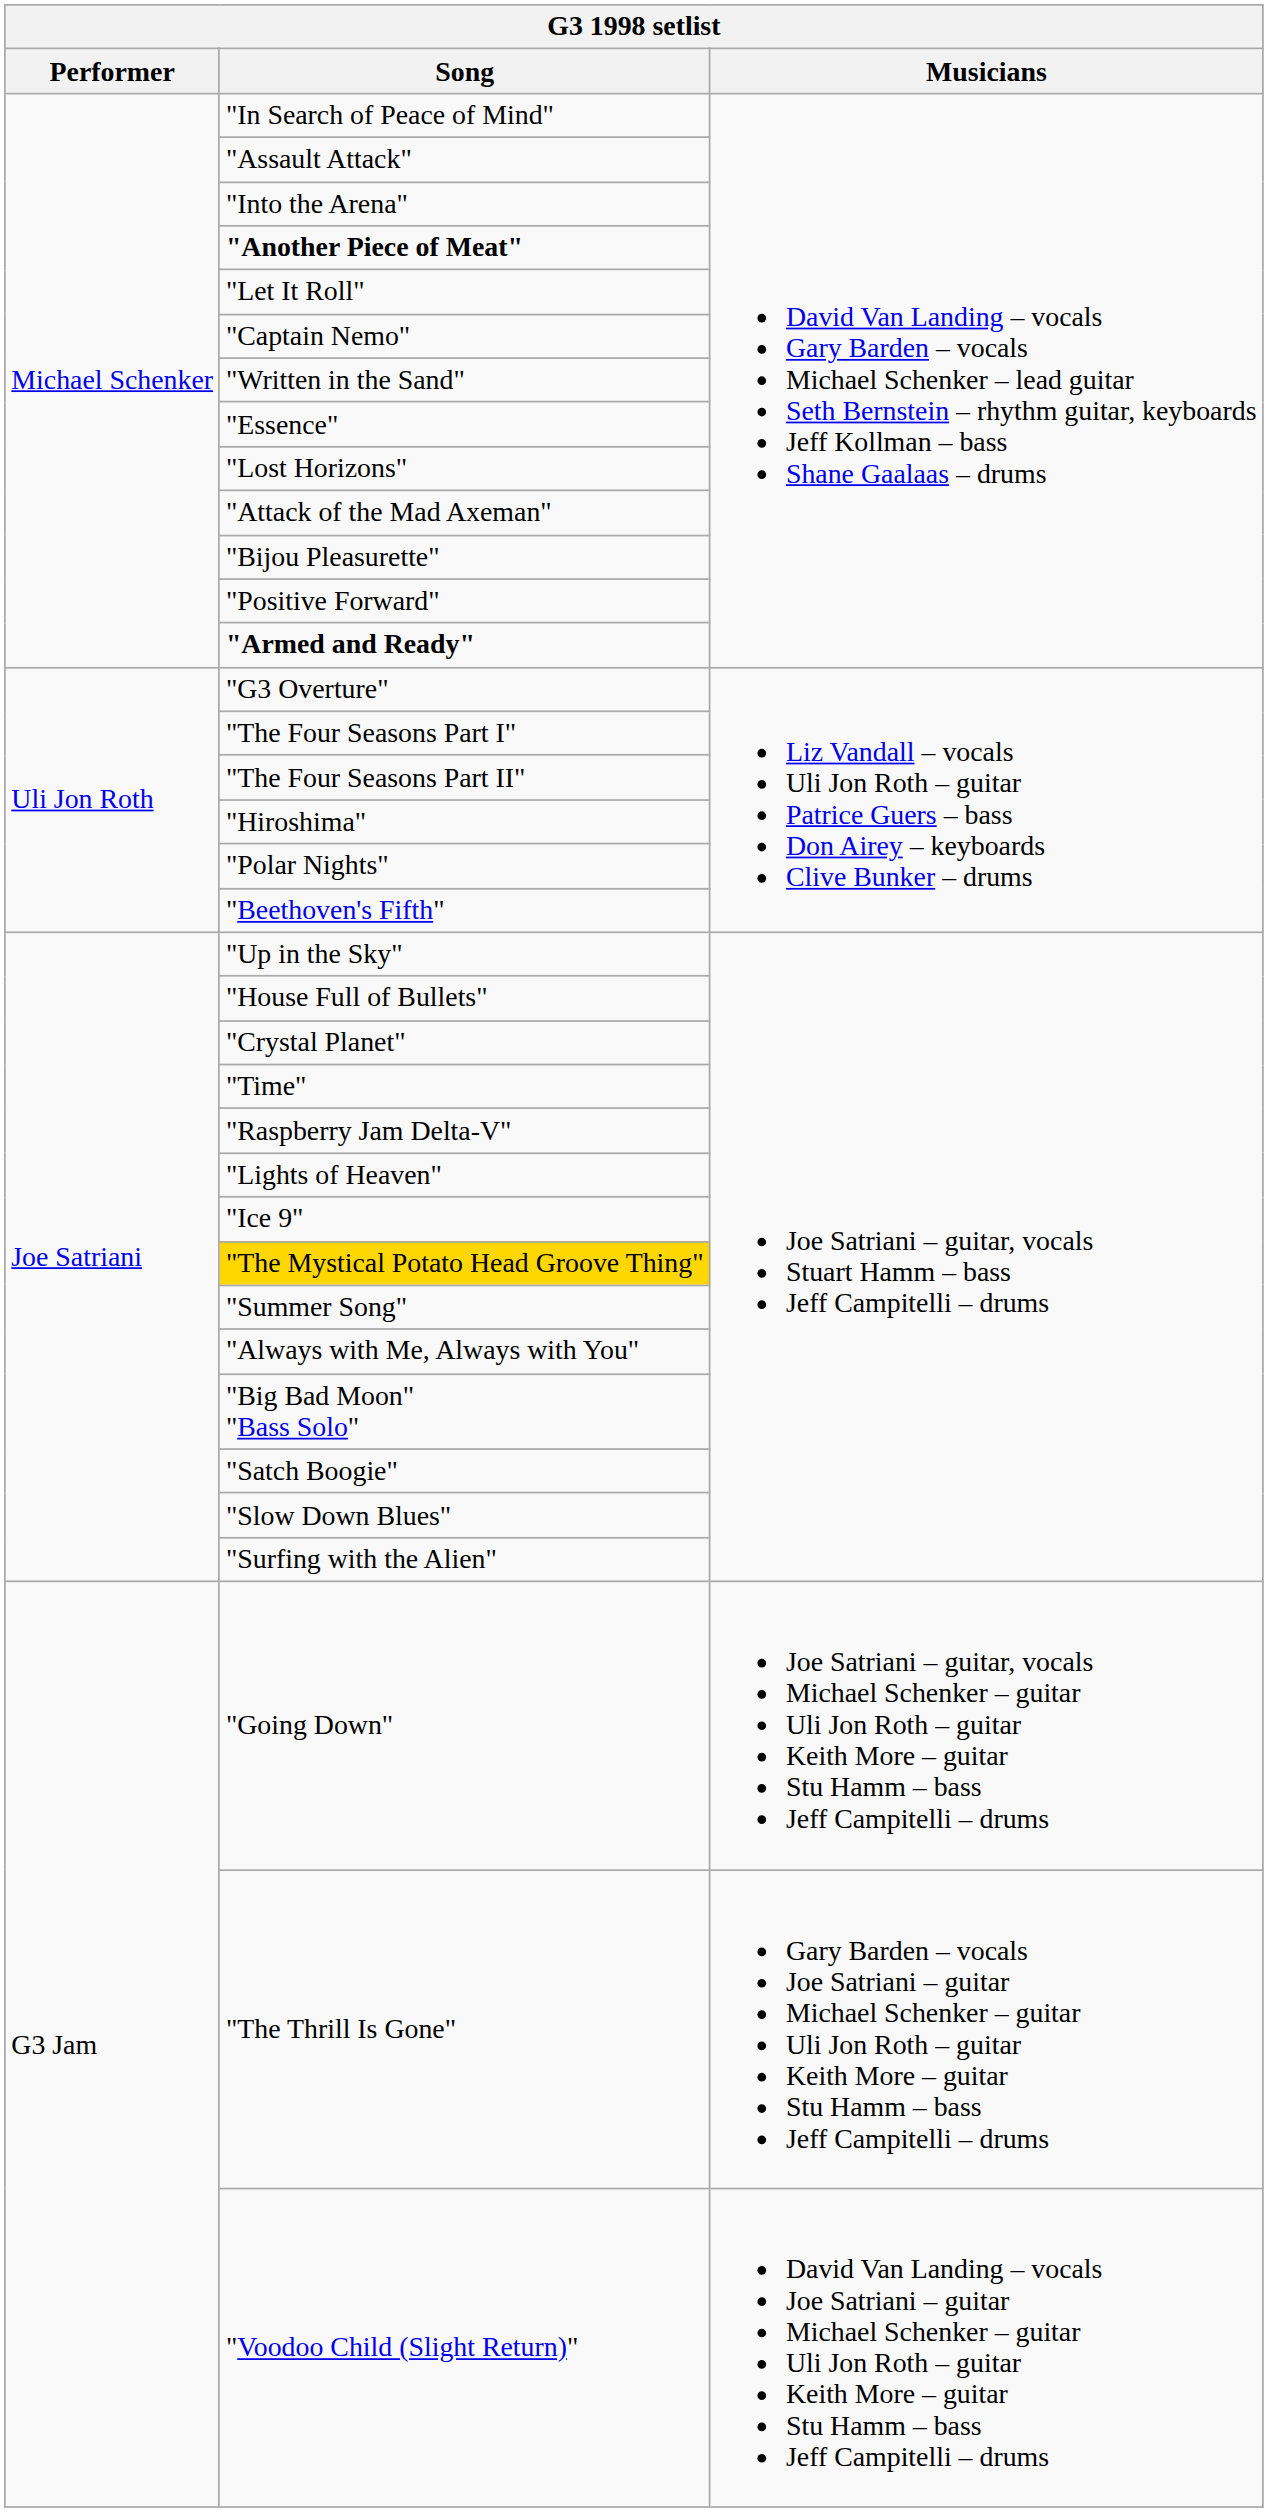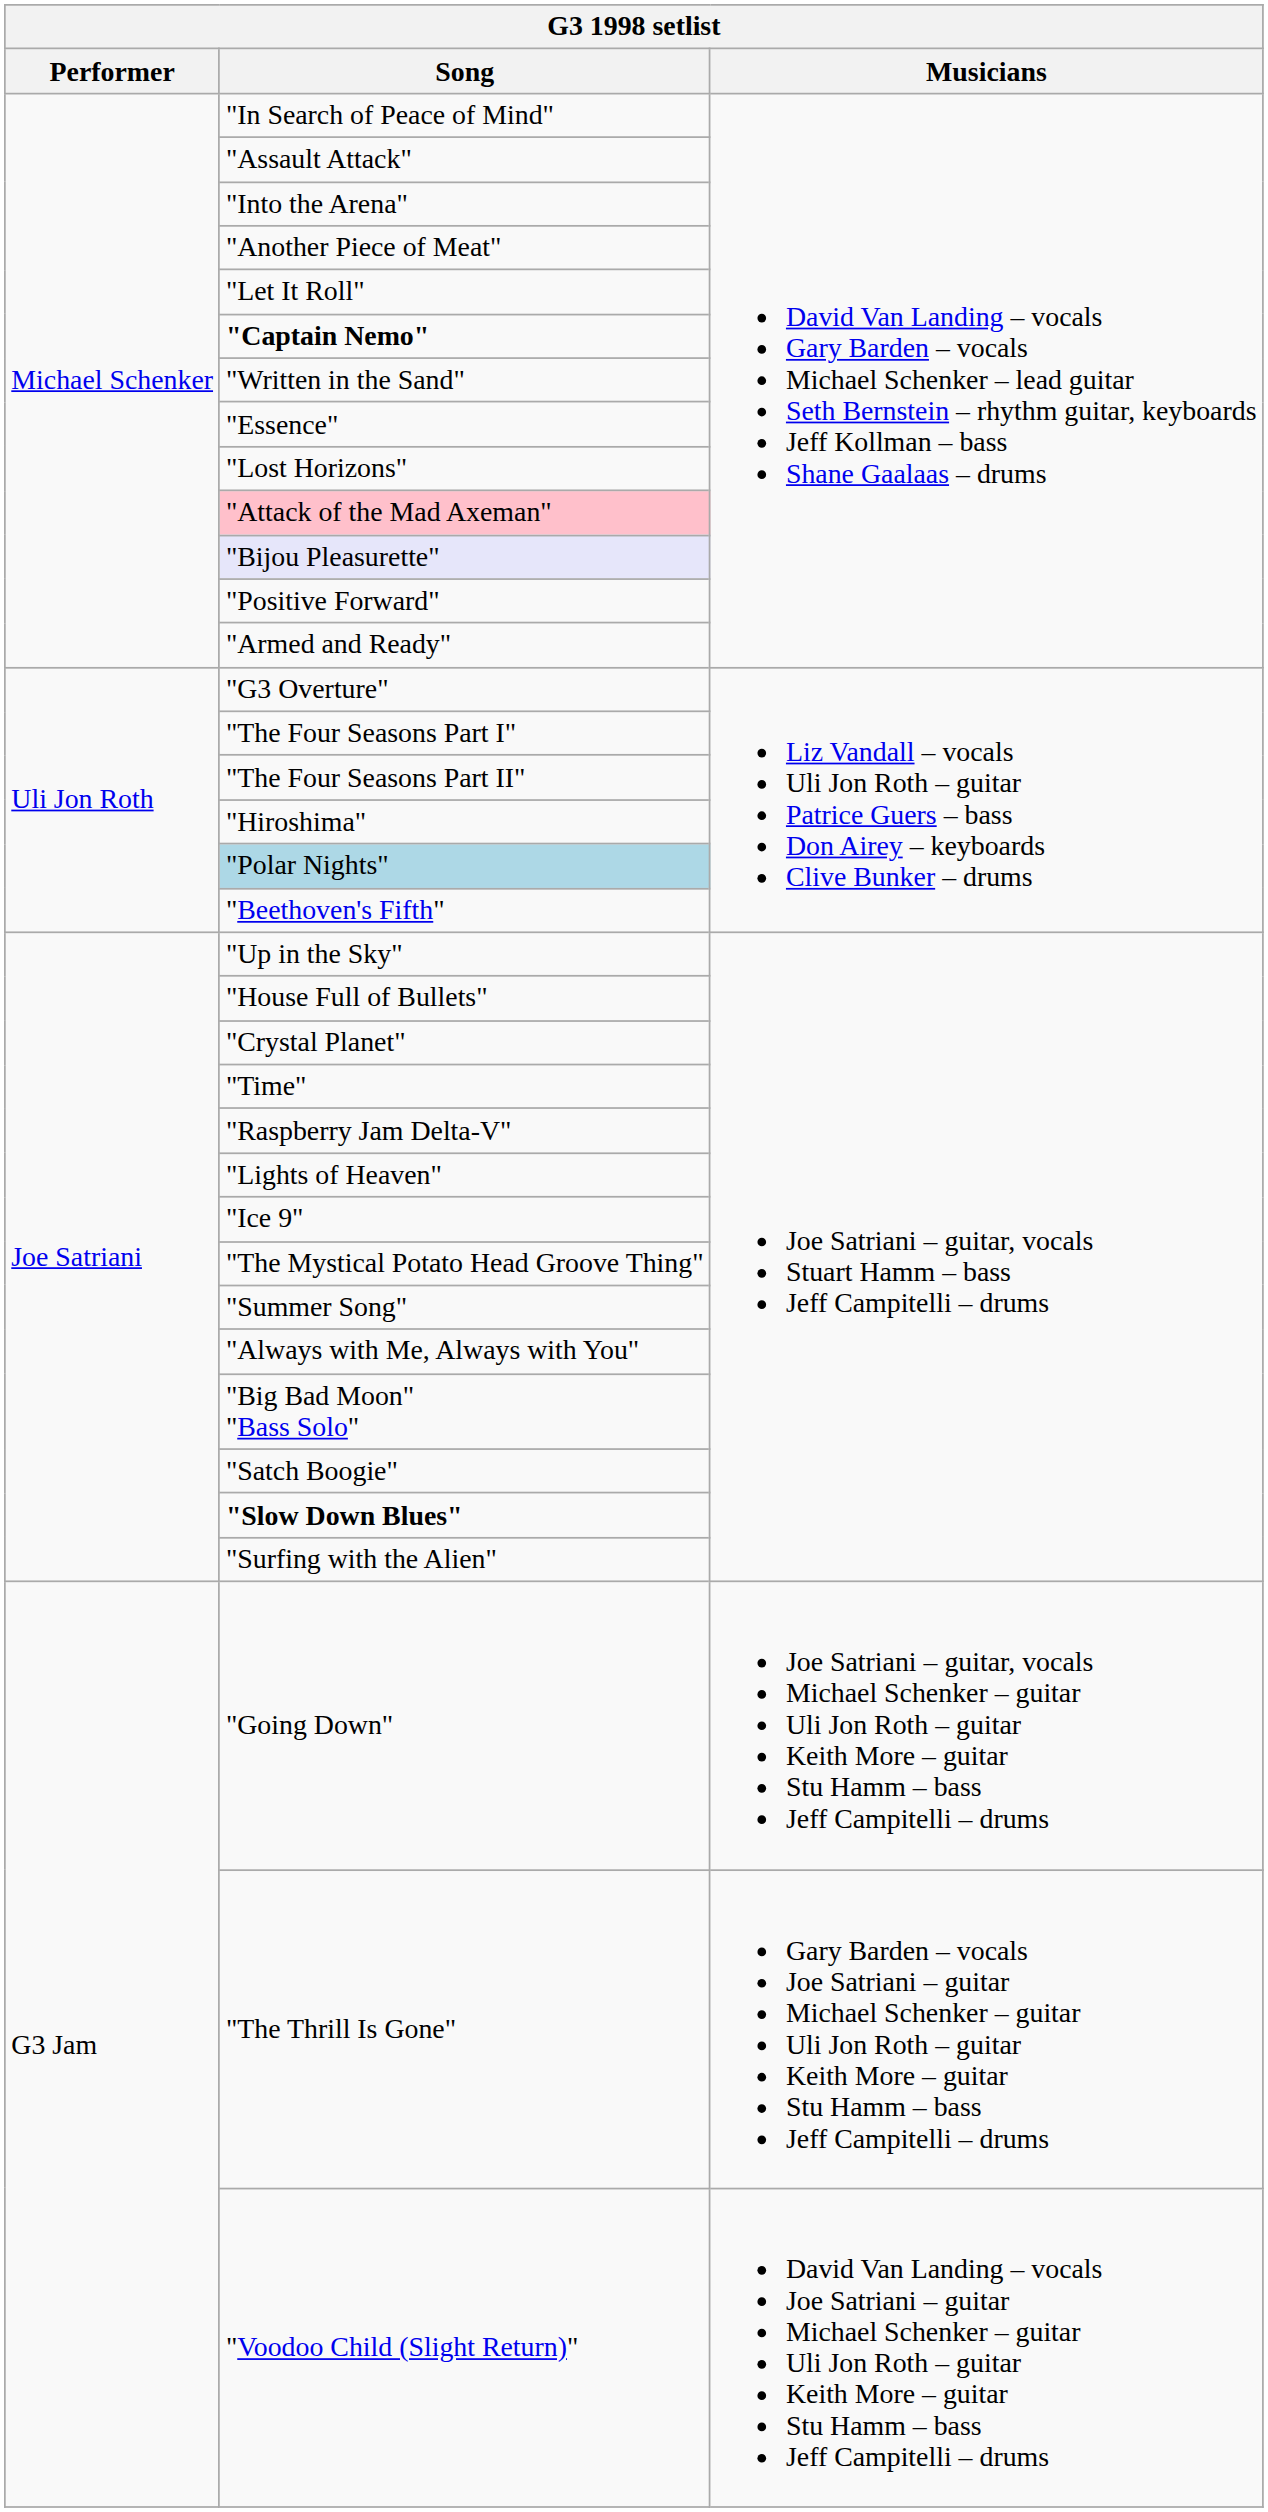 <table class="wikitable collapsible collapsed">
 <tr>
 <th colspan="3">G3 1998 setlist</th>
 </tr>
 <tr>
 <th>Performer</th>
 <th>Song</th>
 <th>Musicians</th>
 </tr>
 <tr>
 <td rowspan=13><a href='#'>Michael Schenker</a></td>
 <td>"In Search of Peace of Mind"</td>
 <td rowspan=13><br><ul><li><a href='#'>David Van Landing</a> – vocals</li><li><a href='#'>Gary Barden</a> – vocals</li><li>Michael Schenker – lead guitar</li><li><a href='#'>Seth Bernstein</a> – rhythm guitar, keyboards</li><li>Jeff Kollman – bass</li><li><a href='#'>Shane Gaalaas</a> – drums</li></ul></td>
 </tr>
 <tr>
 <td>"Assault Attack"</td>
 </tr>
 <tr>
 <td>"Into the Arena"</td>
 </tr>
 <tr>
-<td><strong>"Another Piece of Meat"</strong></td>
+<td>"Another Piece of Meat"</td>
 </tr>
 <tr>
 <td>"Let It Roll"</td>
 </tr>
 <tr>
-<td>"Captain Nemo"</td>
+<td><strong>"Captain Nemo"</strong></td>
 </tr>
 <tr>
 <td>"Written in the Sand"</td>
 </tr>
 <tr>
 <td>"Essence"</td>
 </tr>
 <tr>
 <td>"Lost Horizons"</td>
 </tr>
 <tr>
-<td>"Attack of the Mad Axeman"</td>
+<td style="background: pink;">"Attack of the Mad Axeman"</td>
 </tr>
 <tr>
-<td>"Bijou Pleasurette"</td>
+<td style="background: lavender;">"Bijou Pleasurette"</td>
 </tr>
 <tr>
 <td>"Positive Forward"</td>
 </tr>
 <tr>
-<td><strong>"Armed and Ready"</strong></td>
+<td>"Armed and Ready"</td>
 </tr>
 <tr>
 <td rowspan=6><a href='#'>Uli Jon Roth</a></td>
 <td>"G3 Overture"</td>
 <td rowspan=6><br><ul><li><a href='#'>Liz Vandall</a> – vocals</li><li>Uli Jon Roth – guitar</li><li><a href='#'>Patrice Guers</a> – bass</li><li><a href='#'>Don Airey</a> – keyboards</li><li><a href='#'>Clive Bunker</a> – drums</li></ul></td>
 </tr>
 <tr>
 <td>"The Four Seasons Part I"</td>
 </tr>
 <tr>
 <td>"The Four Seasons Part II"</td>
 </tr>
 <tr>
 <td>"Hiroshima"</td>
 </tr>
 <tr>
-<td>"Polar Nights"</td>
+<td style="background: lightblue;">"Polar Nights"</td>
 </tr>
 <tr>
 <td>"<a href='#'>Beethoven's Fifth</a>"</td>
 </tr>
 <tr>
 <td rowspan=14><a href='#'>Joe Satriani</a></td>
 <td>"Up in the Sky"</td>
 <td rowspan=14><br><ul><li>Joe Satriani – guitar, vocals</li><li>Stuart Hamm – bass</li><li>Jeff Campitelli – drums</li></ul></td>
 </tr>
 <tr>
 <td>"House Full of Bullets"</td>
 </tr>
 <tr>
 <td>"Crystal Planet"</td>
 </tr>
 <tr>
 <td>"Time"</td>
 </tr>
 <tr>
 <td>"Raspberry Jam Delta-V"</td>
 </tr>
 <tr>
 <td>"Lights of Heaven"</td>
 </tr>
 <tr>
 <td>"Ice 9"</td>
 </tr>
 <tr>
-<td style="background: gold;">"The Mystical Potato Head Groove Thing"</td>
+<td>"The Mystical Potato Head Groove Thing"</td>
 </tr>
 <tr>
 <td>"Summer Song"</td>
 </tr>
 <tr>
 <td>"Always with Me, Always with You"</td>
 </tr>
 <tr>
 <td>"Big Bad Moon"<br>"<a href='#'>Bass Solo</a>"</td>
 </tr>
 <tr>
 <td>"Satch Boogie"</td>
 </tr>
 <tr>
-<td>"Slow Down Blues"</td>
+<td><strong>"Slow Down Blues"</strong></td>
 </tr>
 <tr>
 <td>"Surfing with the Alien"</td>
 </tr>
 <tr>
 <td rowspan=3>G3 Jam</td>
 <td>"Going Down"</td>
 <td><br><ul><li>Joe Satriani – guitar, vocals</li><li>Michael Schenker – guitar</li><li>Uli Jon Roth – guitar</li><li>Keith More – guitar</li><li>Stu Hamm – bass</li><li>Jeff Campitelli – drums</li></ul></td>
 </tr>
 <tr>
 <td>"The Thrill Is Gone"</td>
 <td><br><ul><li>Gary Barden – vocals</li><li>Joe Satriani – guitar</li><li>Michael Schenker – guitar</li><li>Uli Jon Roth – guitar</li><li>Keith More – guitar</li><li>Stu Hamm – bass</li><li>Jeff Campitelli – drums</li></ul></td>
 </tr>
 <tr>
 <td>"<a href='#'>Voodoo Child (Slight Return)</a>"</td>
 <td><br><ul><li>David Van Landing – vocals</li><li>Joe Satriani – guitar</li><li>Michael Schenker – guitar</li><li>Uli Jon Roth – guitar</li><li>Keith More – guitar</li><li>Stu Hamm – bass</li><li>Jeff Campitelli – drums</li></ul></td>
 </tr>
 </table>
